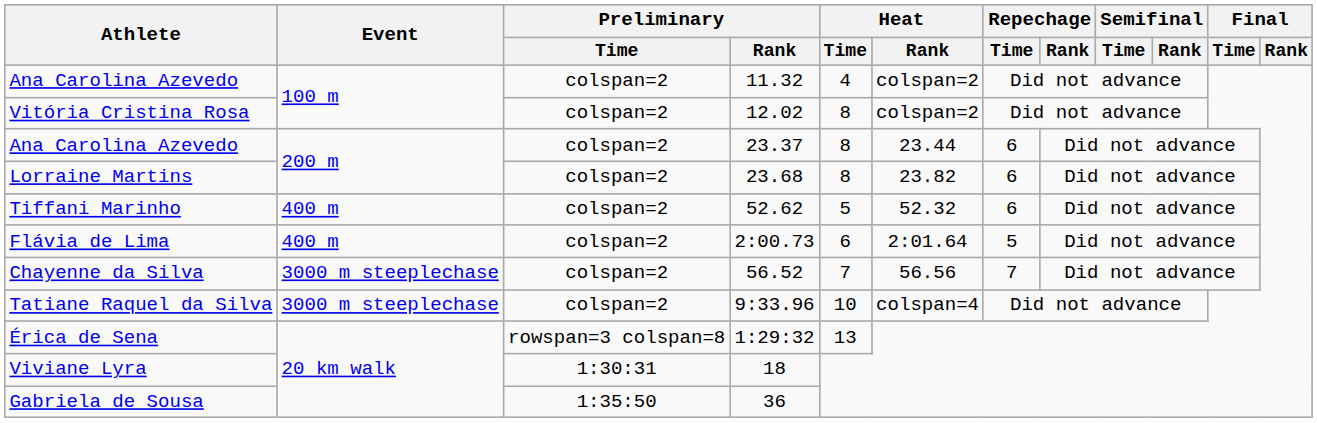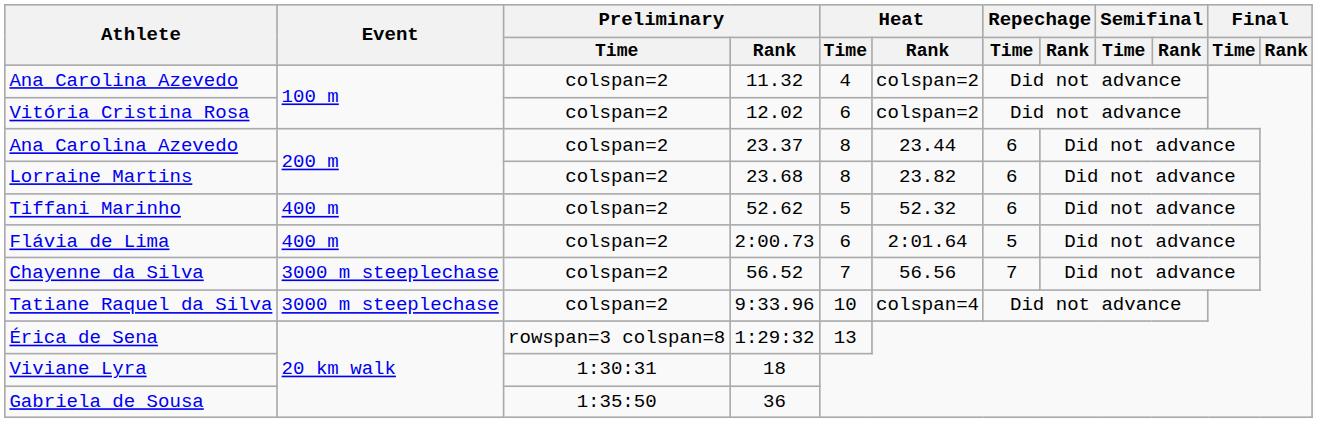 <table class="wikitable" style="font-size:90%">
 <tr>
 <th rowspan=2>Athlete</th>
 <th rowspan=2>Event</th>
 <th colspan=2>Preliminary</th>
 <th colspan=2>Heat</th>
 <th colspan=2>Repechage</th>
 <th colspan=2>Semifinal</th>
 <th colspan=2>Final</th>
 </tr>
 <tr style=font-size:95%>
 <th>Time</th>
 <th>Rank</th>
 <th>Time</th>
 <th>Rank</th>
 <th>Time</th>
 <th>Rank</th>
 <th>Time</th>
 <th>Rank</th>
 <th>Time</th>
 <th>Rank</th>
 </tr>
 <tr align=center>
 <td align=left><a href='#'>Ana Carolina Azevedo</a></td>
 <td align=left rowspan=2><a href='#'>100 m</a></td>
 <td>colspan=2 </td>
 <td>11.32</td>
 <td>4</td>
 <td>colspan=2 </td>
 <td colspan=4>Did not advance</td>
 </tr>
 <tr align=center>
 <td align=left><a href='#'>Vitória Cristina Rosa</a></td>
 <td>colspan=2 </td>
 <td>12.02</td>
-<td>8</td>
+<td>6</td>
 <td>colspan=2 </td>
 <td colspan=4>Did not advance</td>
 </tr>
 <tr align=center>
 <td align=left><a href='#'>Ana Carolina Azevedo</a></td>
 <td align=left rowspan=2><a href='#'>200 m</a></td>
 <td>colspan=2 </td>
 <td>23.37</td>
 <td>8</td>
 <td>23.44</td>
 <td>6</td>
 <td colspan=4>Did not advance</td>
 </tr>
 <tr align=center>
 <td align=left><a href='#'>Lorraine Martins</a></td>
 <td>colspan=2 </td>
 <td>23.68</td>
 <td>8</td>
 <td>23.82</td>
 <td>6</td>
 <td colspan=4>Did not advance</td>
 </tr>
 <tr align=center>
 <td align=left><a href='#'>Tiffani Marinho</a></td>
 <td align=left><a href='#'>400 m</a></td>
 <td>colspan=2 </td>
 <td>52.62</td>
 <td>5</td>
 <td>52.32</td>
 <td>6</td>
 <td colspan=4>Did not advance</td>
 </tr>
 <tr align=center>
 <td align=left><a href='#'>Flávia de Lima</a></td>
 <td align=left><a href='#'>400 m</a></td>
 <td>colspan=2 </td>
 <td>2:00.73</td>
 <td>6</td>
 <td>2:01.64</td>
 <td>5</td>
 <td colspan=4>Did not advance</td>
 </tr>
 <tr align=center>
 <td align=left><a href='#'>Chayenne da Silva</a></td>
 <td align=left><a href='#'>3000 m steeplechase</a></td>
 <td>colspan=2 </td>
 <td>56.52</td>
 <td>7</td>
 <td>56.56</td>
 <td>7</td>
 <td colspan=4>Did not advance</td>
 </tr>
 <tr align=center>
 <td align=left><a href='#'>Tatiane Raquel da Silva</a></td>
 <td align=left><a href='#'>3000 m steeplechase</a></td>
 <td>colspan=2 </td>
 <td>9:33.96</td>
 <td>10</td>
 <td>colspan=4 </td>
 <td colspan=4>Did not advance</td>
 </tr>
 <tr align=center>
 <td align=left><a href='#'>Érica de Sena</a></td>
 <td align=left rowspan=3><a href='#'>20 km walk</a></td>
 <td>rowspan=3 colspan=8 </td>
 <td>1:29:32</td>
 <td>13</td>
 </tr>
 <tr align=center>
 <td align=left><a href='#'>Viviane Lyra</a></td>
 <td>1:30:31</td>
 <td>18</td>
 </tr>
 <tr align=center>
 <td align=left><a href='#'>Gabriela de Sousa</a></td>
 <td>1:35:50</td>
 <td>36</td>
 </tr>
 </table>
